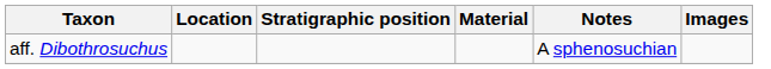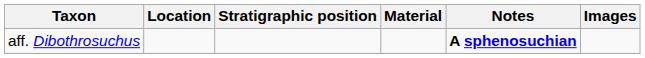 <table class="wikitable" align="center">
 <tr>
 <th>Taxon</th>
 <th>Location</th>
 <th>Stratigraphic position</th>
 <th>Material</th>
 <th>Notes</th>
 <th>Images</th>
 </tr>
 <tr>
 <td>aff. <em><a href='#'>Dibothrosuchus</a></em></td>
 <td></td>
 <td></td>
 <td></td>
-<td>A <a href='#'>sphenosuchian</a></td>
+<td><strong>A <a href='#'>sphenosuchian</a></strong></td>
 <td></td>
 </tr>
 <tr>
 </tr>
 </table>
